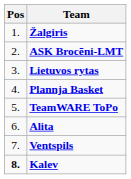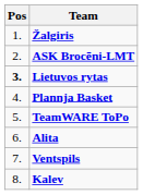 <table class="wikitable" style="text-align: center; font-size:95%">
 <tr>
 <th>Pos</th>
 <th>Team</th>
 </tr>
 <tr>
 <td>1.</td>
 <td align="left"><strong><a href='#'>Žalgiris</a></strong></td>
 </tr>
 <tr>
 <td>2.</td>
 <td align="left"><strong><a href='#'>ASK Brocēni-LMT</a></strong></td>
 </tr>
 <tr>
-<td>3.</td>
+<td><strong>3.</strong></td>
 <td align="left"><strong><a href='#'>Lietuvos rytas</a></strong></td>
 </tr>
 <tr>
 <td>4.</td>
 <td align="left"><strong><a href='#'>Plannja Basket</a></strong></td>
 </tr>
 <tr>
 <td>5.</td>
 <td align="left"><strong><a href='#'>TeamWARE ToPo</a></strong></td>
 </tr>
 <tr>
 <td>6.</td>
 <td align="left"><strong><a href='#'>Alita</a></strong></td>
 </tr>
 <tr>
 <td>7.</td>
 <td align="left"><strong><a href='#'>Ventspils</a></strong></td>
 </tr>
 <tr>
-<td><strong>8.</strong></td>
+<td>8.</td>
 <td align="left"><strong><a href='#'>Kalev</a></strong></td>
 </tr>
 </table>
